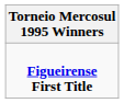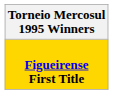 <table class="wikitable" style="text-align: center; margin: 0 auto;">
 <tr>
 <th>Torneio Mercosul<br>1995 Winners</th>
 </tr>
 <tr>
-<td><br><strong><a href='#'>Figueirense</a></strong><br><strong>First Title</strong></td>
+<td style="background: gold;"><br><strong><a href='#'>Figueirense</a></strong><br><strong>First Title</strong></td>
 </tr>
 </table>
